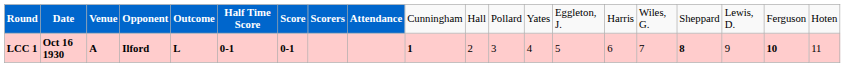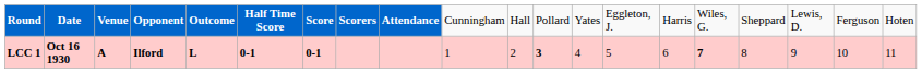 <table class="wikitable">
 <tr>
 <td style="background:#0066CC; color:#FFFFFF; text-align:center;" !><strong>Round</strong></td>
 <td style="background:#0066CC; color:#FFFFFF; text-align:center;" !><strong>Date</strong></td>
 <td style="background:#0066CC; color:#FFFFFF; text-align:center;" !><strong>Venue</strong></td>
 <td style="background:#0066CC; color:#FFFFFF; text-align:center;" !><strong>Opponent</strong></td>
 <td style="background:#0066CC; color:#FFFFFF; text-align:center;" !><strong>Outcome</strong></td>
 <td style="background:#0066CC; color:#FFFFFF; text-align:center;" !><strong>Half Time Score</strong></td>
 <td style="background:#0066CC; color:#FFFFFF; text-align:center;" !><strong>Score</strong></td>
 <td style="background:#0066CC; color:#FFFFFF; text-align:center;" !><strong>Scorers</strong></td>
 <td style="background:#0066CC; color:#FFFFFF; text-align:center;" !><strong>Attendance</strong></td>
 <td>Cunningham</td>
 <td>Hall</td>
 <td>Pollard</td>
 <td>Yates</td>
 <td>Eggleton, J.</td>
 <td>Harris</td>
 <td>Wiles, G.</td>
 <td>Sheppard</td>
 <td>Lewis, D.</td>
 <td>Ferguson</td>
 <td>Hoten</td>
 </tr>
 <tr bgcolor="#FFCCCC">
 <td><strong>LCC 1</strong></td>
 <td><strong>Oct 16 1930</strong></td>
 <td><strong>A</strong></td>
 <td><strong>Ilford</strong></td>
 <td><strong>L</strong></td>
 <td><strong>0-1</strong></td>
 <td><strong>0-1</strong></td>
 <td></td>
 <td></td>
-<td><strong>1</strong></td>
+<td>1</td>
 <td>2</td>
-<td>3</td>
+<td><strong>3</strong></td>
 <td>4</td>
 <td>5</td>
 <td>6</td>
-<td>7</td>
-<td><strong>8</strong></td>
+<td><strong>7</strong></td>
+<td>8</td>
 <td>9</td>
-<td><strong>10</strong></td>
+<td>10</td>
 <td>11</td>
 </tr>
 </table>
